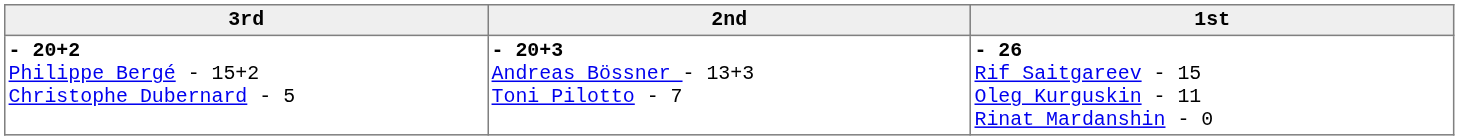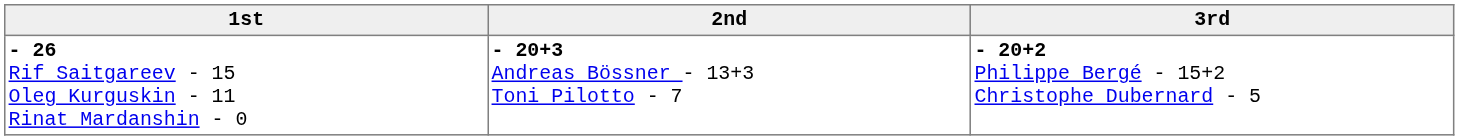 <table border="1" cellpadding="2" cellspacing="0"  style="width:75%; border-collapse:collapse;">
 <tr style="text-align:left; background:#efefef;">
+<th width=15% align=center >1st</th>
+<th width=15% align=center >2nd</th>
 <th width=15% align=center >3rd</th>
-<th width=15% align=center >2nd</th>
-<th width=15% align=center >1st</th>
 </tr>
 <tr align=left>
+<td valign=top align=left ><strong> - 26</strong><br><a href='#'>Rif Saitgareev</a> - 15<br><a href='#'>Oleg Kurguskin</a> - 11<br><a href='#'>Rinat Mardanshin</a> - 0</td>
+<td valign=top align=left ><strong> - 20+3</strong><br><a href='#'>Andreas Bössner </a> - 13+3<br><a href='#'>Toni Pilotto</a> - 7</td>
 <td valign=top align=left ><strong> - 20+2</strong><br><a href='#'>Philippe Bergé</a> - 15+2<br><a href='#'>Christophe Dubernard</a> - 5</td>
-<td valign=top align=left ><strong> - 20+3</strong><br><a href='#'>Andreas Bössner </a> - 13+3<br><a href='#'>Toni Pilotto</a> - 7</td>
-<td valign=top align=left ><strong> - 26</strong><br><a href='#'>Rif Saitgareev</a> - 15<br><a href='#'>Oleg Kurguskin</a> - 11<br><a href='#'>Rinat Mardanshin</a> - 0</td>
 </tr>
 </table>
